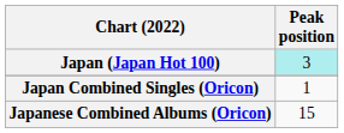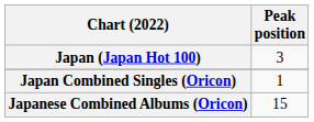 <table class="wikitable sortable plainrowheaders" style="text-align:center">
 <tr>
 <th scope="col">Chart (2022)</th>
 <th scope="col">Peak<br>position</th>
 </tr>
 <tr>
 <th scope="row">Japan (<a href='#'>Japan Hot 100</a>)</th>
-<td style="background: paleturquoise;">3</td>
+<td>3</td>
 </tr>
 <tr>
 </tr>
 <tr>
 <th scope="row">Japan Combined Singles (<a href='#'>Oricon</a>)</th>
 <td>1</td>
 </tr>
 <tr>
 <th scope="row">Japanese Combined Albums (<a href='#'>Oricon</a>)</th>
 <td>15</td>
 </tr>
 </table>
